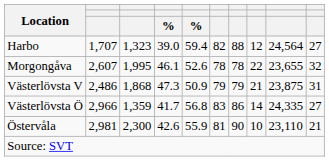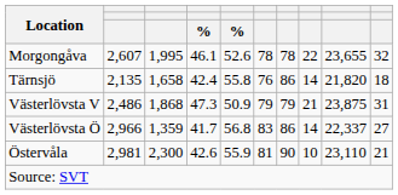 <table role="presentation" class="wikitable sortable mw-collapsible">
 <tr>
 <th rowspan="3">Location</th>
 <th></th>
 <th></th>
 <th></th>
 <th></th>
 <th></th>
 <th></th>
 <th></th>
 <th></th>
 <th></th>
 </tr>
 <tr>
 <th></th>
 <th></th>
 <th style="background:"></th>
 <th style="background:"></th>
 <th></th>
 <th></th>
 <th></th>
 <th></th>
 <th></th>
 </tr>
 <tr>
 <th data-sort-type="number"></th>
 <th data-sort-type="number"></th>
 <th data-sort-type="number">%</th>
 <th data-sort-type="number">%</th>
 <th data-sort-type="number"></th>
 <th data-sort-type="number"></th>
 <th data-sort-type="number"></th>
 <th data-sort-type="number"></th>
 <th data-sort-type="number"></th>
 </tr>
 <tr>
-<td align="left">Harbo</td>
-<td>1,707</td>
-<td>1,323</td>
-<td>39.0</td>
-<td>59.4</td>
-<td>82</td>
-<td>88</td>
-<td>12</td>
-<td>24,564</td>
-<td>27</td>
-</tr>
-<tr>
 <td align="left">Morgongåva</td>
 <td>2,607</td>
 <td>1,995</td>
 <td>46.1</td>
 <td>52.6</td>
 <td>78</td>
 <td>78</td>
 <td>22</td>
 <td>23,655</td>
 <td>32</td>
+</tr>
+<tr>
+<td align="left">Tärnsjö</td>
+<td>2,135</td>
+<td>1,658</td>
+<td>42.4</td>
+<td>55.8</td>
+<td>76</td>
+<td>86</td>
+<td>14</td>
+<td>21,820</td>
+<td>18</td>
 </tr>
 <tr>
 <td align="left">Västerlövsta V</td>
 <td>2,486</td>
 <td>1,868</td>
 <td>47.3</td>
 <td>50.9</td>
 <td>79</td>
 <td>79</td>
 <td>21</td>
 <td>23,875</td>
 <td>31</td>
 </tr>
 <tr>
 <td align="left">Västerlövsta Ö</td>
 <td>2,966</td>
 <td>1,359</td>
 <td>41.7</td>
 <td>56.8</td>
 <td>83</td>
 <td>86</td>
 <td>14</td>
-<td>24,335</td>
+<td>22,337</td>
 <td>27</td>
 </tr>
 <tr>
 <td align="left">Östervåla</td>
 <td>2,981</td>
 <td>2,300</td>
 <td>42.6</td>
 <td>55.9</td>
 <td>81</td>
 <td>90</td>
 <td>10</td>
 <td>23,110</td>
 <td>21</td>
 </tr>
 <tr>
 <td colspan="10" align="left">Source: <a href='#'>SVT</a></td>
 </tr>
 </table>
